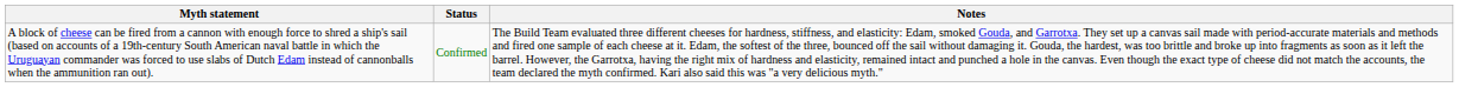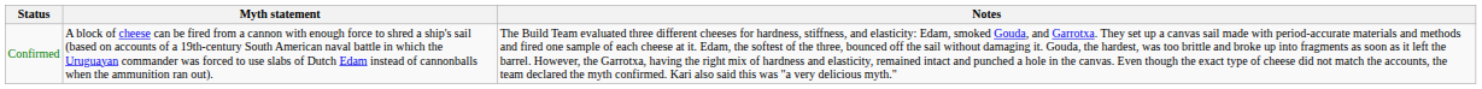 <table class="wikitable plainrowheaders">
 <tr>
+<th>Status</th>
 <th>Myth statement</th>
-<th>Status</th>
 <th>Notes</th>
 </tr>
 <tr>
+<td style="color:green">Confirmed</td>
 <td>A block of <a href='#'>cheese</a> can be fired from a cannon with enough force to shred a ship's sail (based on accounts of a 19th-century South American naval battle in which the <a href='#'>Uruguayan</a> commander was forced to use slabs of Dutch <a href='#'>Edam</a> instead of cannonballs when the ammunition ran out).</td>
-<td style="color:green">Confirmed</td>
 <td>The Build Team evaluated three different cheeses for hardness, stiffness, and elasticity: Edam, smoked <a href='#'>Gouda</a>, and <a href='#'>Garrotxa</a>. They set up a canvas sail made with period-accurate materials and methods and fired one sample of each cheese at it. Edam, the softest of the three, bounced off the sail without damaging it. Gouda, the hardest, was too brittle and broke up into fragments as soon as it left the barrel. However, the Garrotxa, having the right mix of hardness and elasticity, remained intact and punched a hole in the canvas. Even though the exact type of cheese did not match the accounts, the team declared the myth confirmed. Kari also said this was "a very delicious myth."</td>
 </tr>
 </table>
